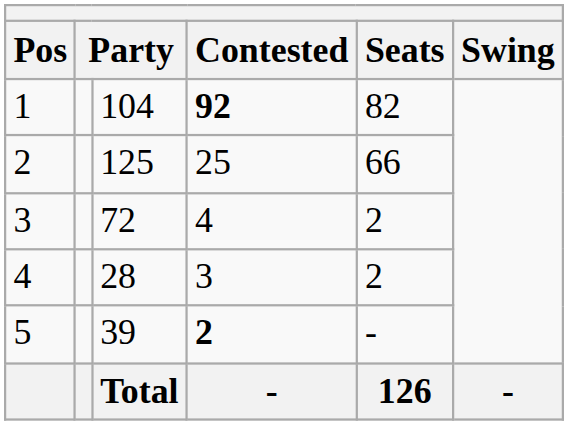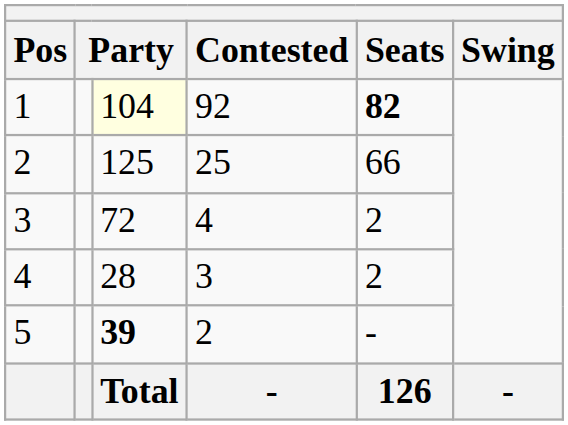 <table class ="wikitable sortable">
 <tr>
 <th colspan=10></th>
 </tr>
 <tr>
 <th>Pos</th>
 <th colspan=2>Party</th>
 <th>Contested</th>
 <th>Seats</th>
 <th>Swing</th>
 </tr>
 <tr>
 <td>1</td>
 <td></td>
-<td>104</td>
-<td><strong>92</strong></td>
-<td>82</td>
+<td style="background: lightyellow;">104</td>
+<td>92</td>
+<td><strong>82</strong></td>
 </tr>
 <tr>
 <td>2</td>
 <td></td>
 <td>125</td>
 <td>25</td>
 <td>66</td>
 </tr>
 <tr>
 <td>3</td>
 <td></td>
 <td>72</td>
 <td>4</td>
 <td>2</td>
 </tr>
 <tr>
 <td>4</td>
 <td></td>
 <td>28</td>
 <td>3</td>
 <td>2</td>
 </tr>
 <tr>
 <td>5</td>
 <td></td>
-<td>39</td>
-<td><strong>2</strong></td>
+<td><strong>39</strong></td>
+<td>2</td>
 <td>-</td>
 </tr>
 <tr>
 <th></th>
 <th></th>
 <th>Total</th>
 <th>-</th>
 <th>126</th>
 <th>-</th>
 </tr>
 </table>
